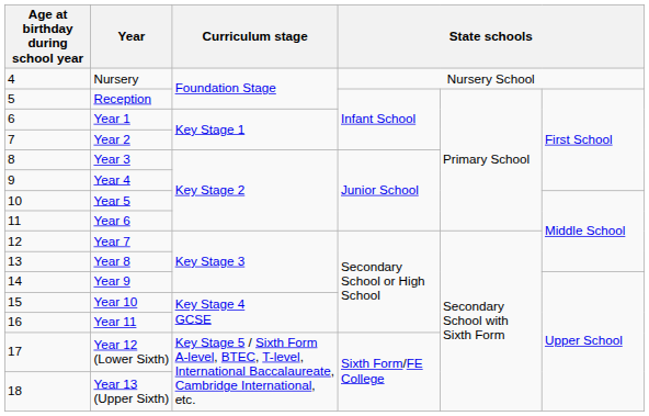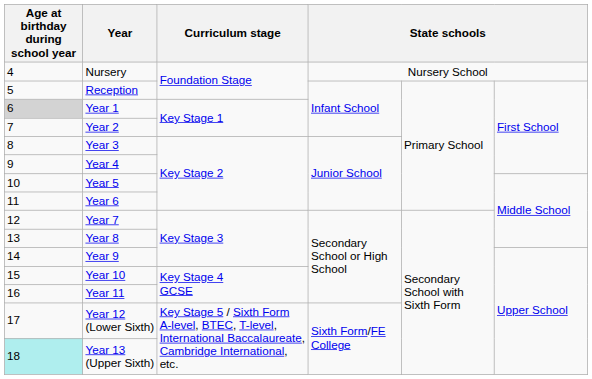 <table class="wikitable">
 <tr>
 <th width=100px>Age at birthday during school year</th>
 <th>Year</th>
 <th width=200px>Curriculum stage</th>
 <th colspan="3">State schools</th>
 </tr>
 <tr>
 <td>4</td>
 <td>Nursery</td>
 <td rowspan="2"><a href='#'>Foundation Stage</a></td>
 <td colspan="3" style="text-align:center">Nursery School</td>
 </tr>
 <tr>
 <td>5</td>
 <td><a href='#'>Reception</a></td>
 <td rowspan="3" width="120px"><a href='#'>Infant School</a></td>
 <td rowspan="7" width="120px">Primary School</td>
 <td rowspan="5" width="120px"><a href='#'>First School</a></td>
 </tr>
 <tr>
-<td>6</td>
+<td style="background: lightgrey;">6</td>
 <td><a href='#'>Year 1</a></td>
 <td rowspan="2"><a href='#'>Key Stage 1</a></td>
 </tr>
 <tr>
 <td>7</td>
 <td><a href='#'>Year 2</a></td>
 </tr>
 <tr>
 <td>8</td>
 <td><a href='#'>Year 3</a></td>
 <td rowspan="4"><a href='#'>Key Stage 2</a></td>
 <td rowspan="4"><a href='#'>Junior School</a></td>
 </tr>
 <tr>
 <td>9</td>
 <td><a href='#'>Year 4</a></td>
 </tr>
 <tr>
 <td>10</td>
 <td><a href='#'>Year 5</a></td>
 <td rowspan="4"><a href='#'>Middle School</a></td>
 </tr>
 <tr>
 <td>11</td>
 <td><a href='#'>Year 6</a></td>
 </tr>
 <tr>
 <td>12</td>
 <td><a href='#'>Year 7</a></td>
 <td rowspan="3"><a href='#'>Key Stage 3</a></td>
 <td rowspan="5">Secondary School or High School</td>
 <td rowspan="7">Secondary School with Sixth Form</td>
 </tr>
 <tr>
 <td>13</td>
 <td><a href='#'>Year 8</a></td>
 </tr>
 <tr>
 <td>14</td>
 <td><a href='#'>Year 9</a></td>
 <td rowspan="5"><a href='#'>Upper School</a></td>
 </tr>
 <tr>
 <td>15</td>
 <td><a href='#'>Year 10</a></td>
 <td rowspan="2"><a href='#'>Key Stage 4</a><br><a href='#'>GCSE</a></td>
 </tr>
 <tr>
 <td>16</td>
 <td><a href='#'>Year 11</a></td>
 </tr>
 <tr>
 <td>17</td>
 <td><a href='#'>Year 12</a><br>(Lower Sixth)</td>
 <td rowspan="2"><a href='#'>Key Stage 5</a> / <a href='#'>Sixth Form</a><br><a href='#'>A-level</a>, <a href='#'>BTEC</a>, <a href='#'>T-level</a>, <a href='#'>International Baccalaureate</a>, <a href='#'>Cambridge International</a>, etc.</td>
 <td rowspan="2"><a href='#'>Sixth Form</a>/<a href='#'>FE College</a></td>
 </tr>
 <tr>
-<td>18</td>
+<td style="background: paleturquoise;">18</td>
 <td><a href='#'>Year 13</a><br>(Upper Sixth)</td>
 </tr>
 </table>
